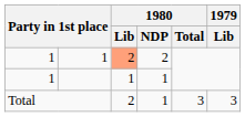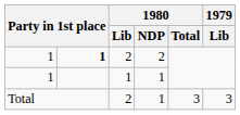 <table class="wikitable" style="text-align:right;">
 <tr>
 <th rowspan="2" colspan="2" style="text-align:left;">Party in 1st place</th>
 <th colspan="3">1980</th>
 <th>1979</th>
 </tr>
 <tr>
 <th>Lib</th>
 <th>NDP</th>
 <th>Total</th>
 <th>Lib</th>
 </tr>
 <tr>
 <td>1</td>
-<td>1</td>
-<td style="background: lightsalmon;">2</td>
+<td><strong>1</strong></td>
+<td>2</td>
 <td>2</td>
 </tr>
 <tr>
 <td>1</td>
 <td></td>
 <td>1</td>
 <td>1</td>
 </tr>
 <tr>
 <td colspan="2" style="text-align:left;">Total</td>
 <td>2</td>
 <td>1</td>
 <td>3</td>
 <td>3</td>
 </tr>
 </table>
